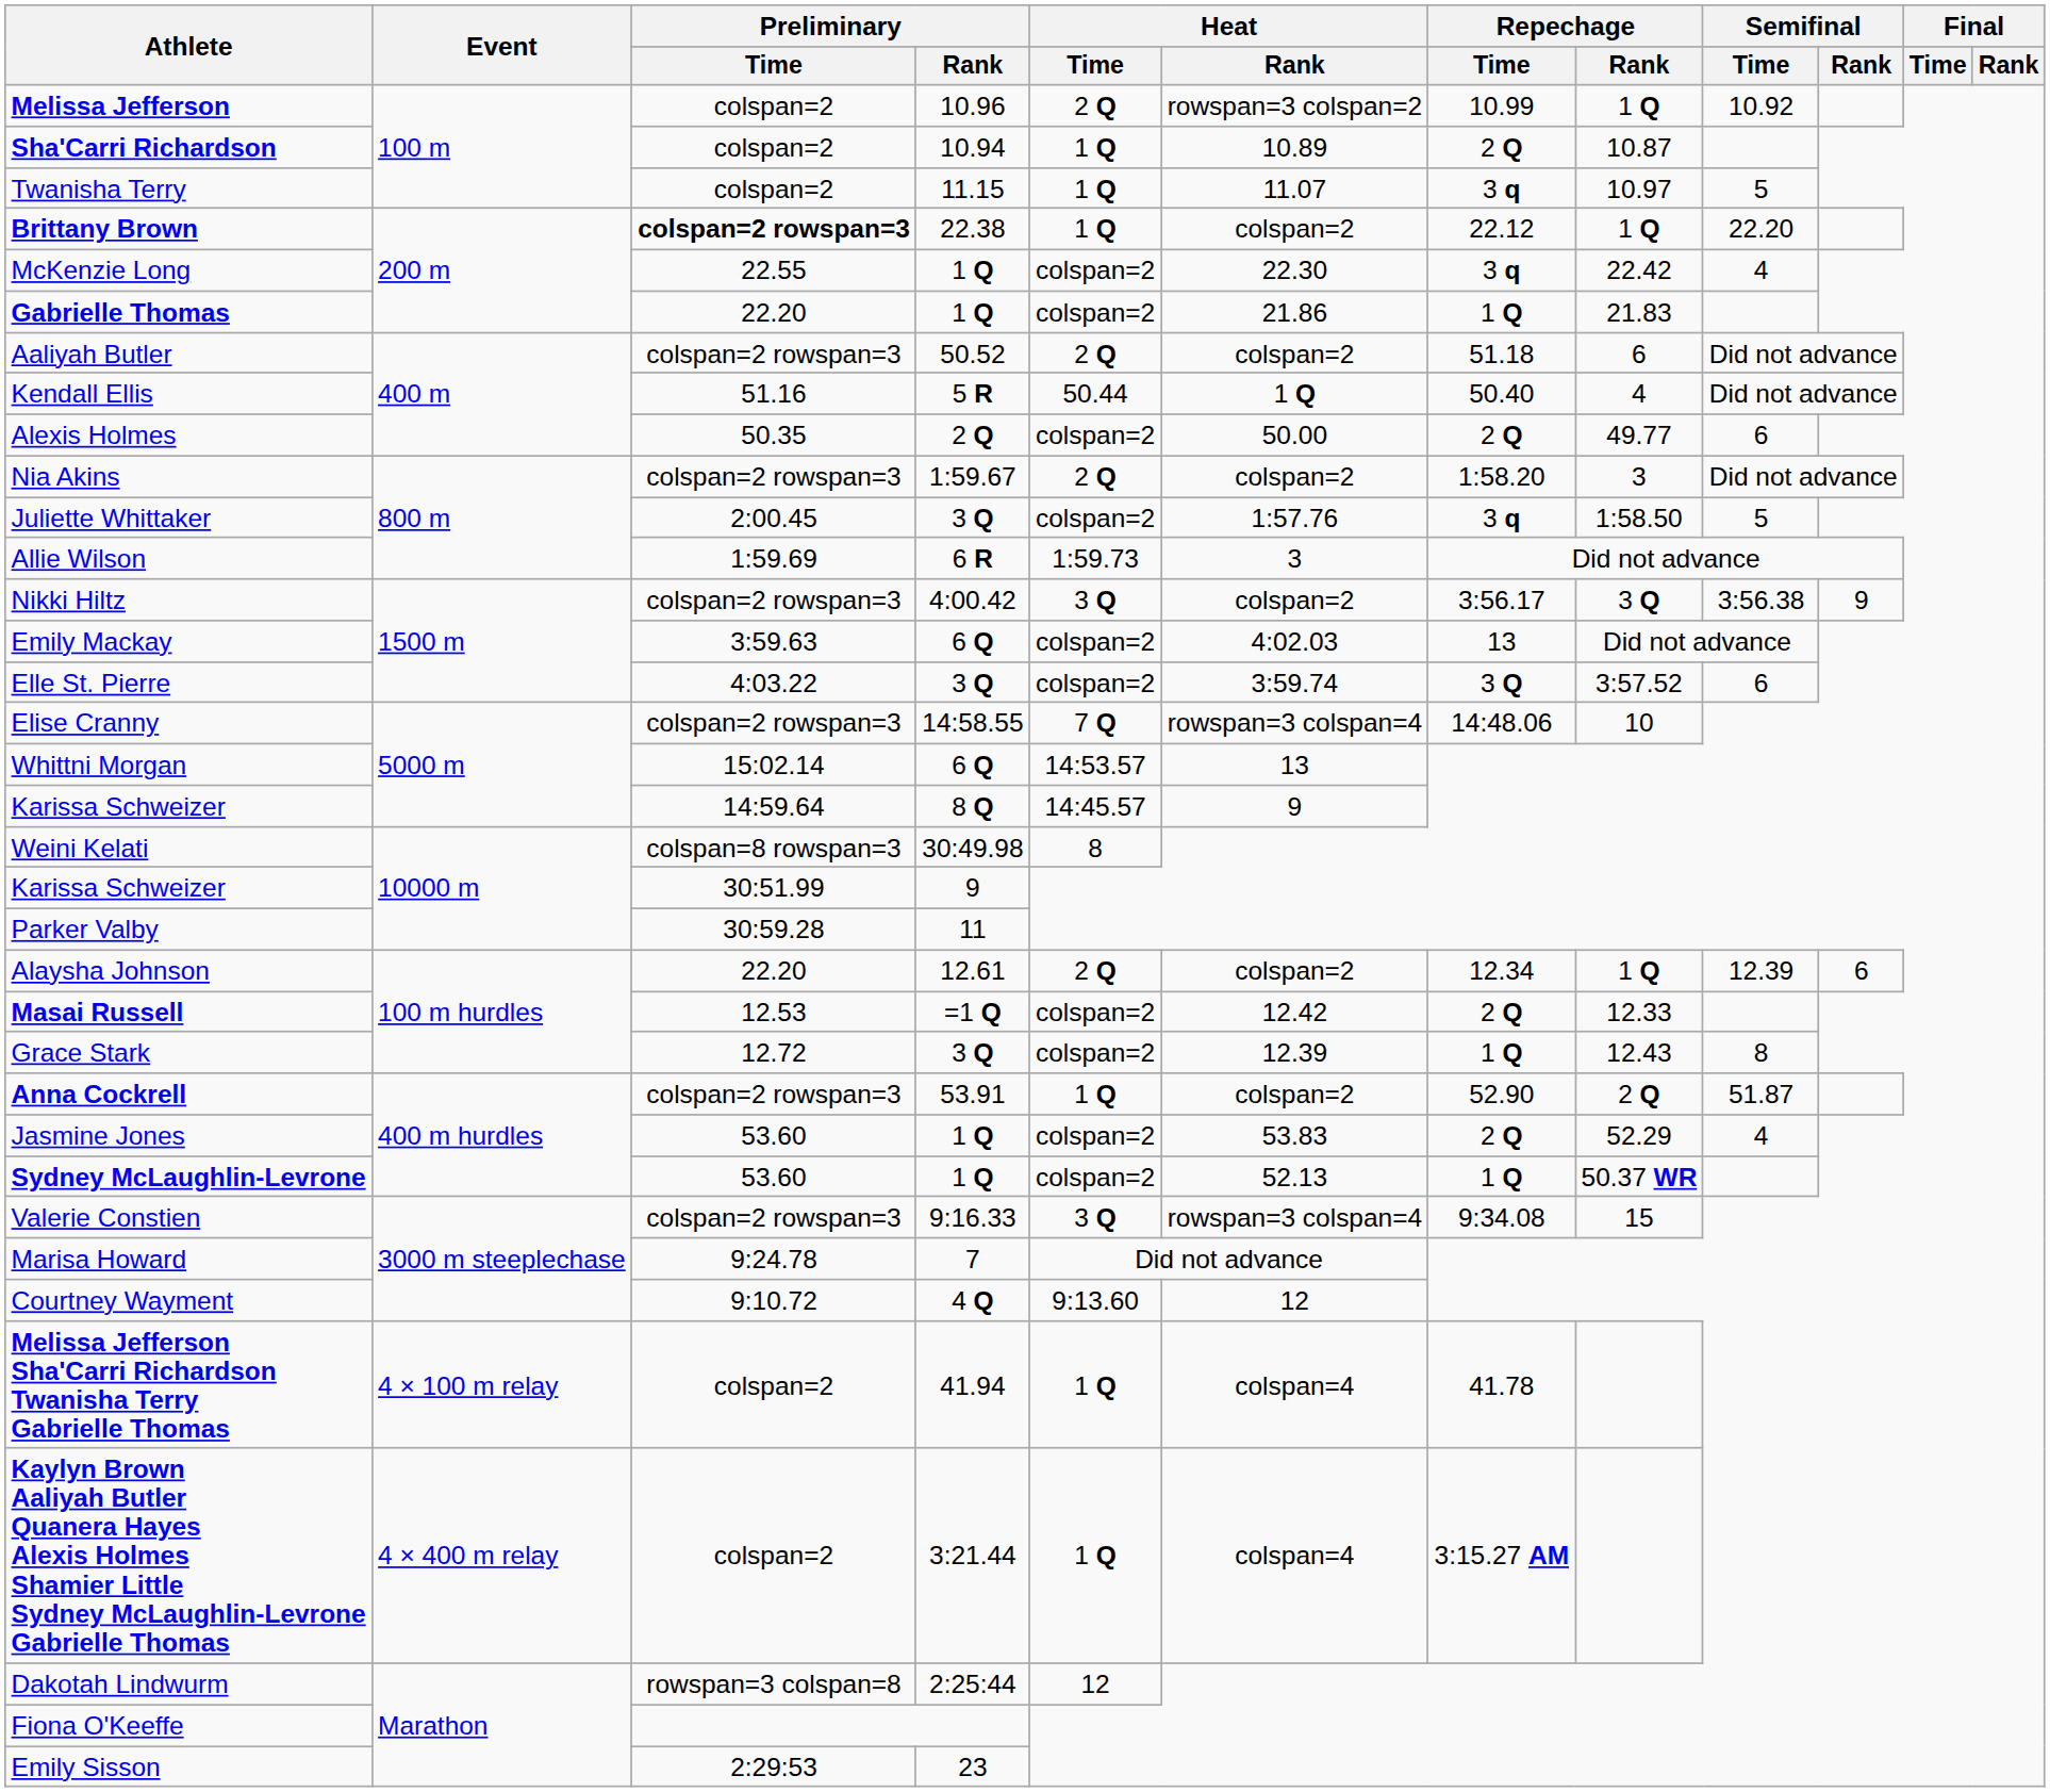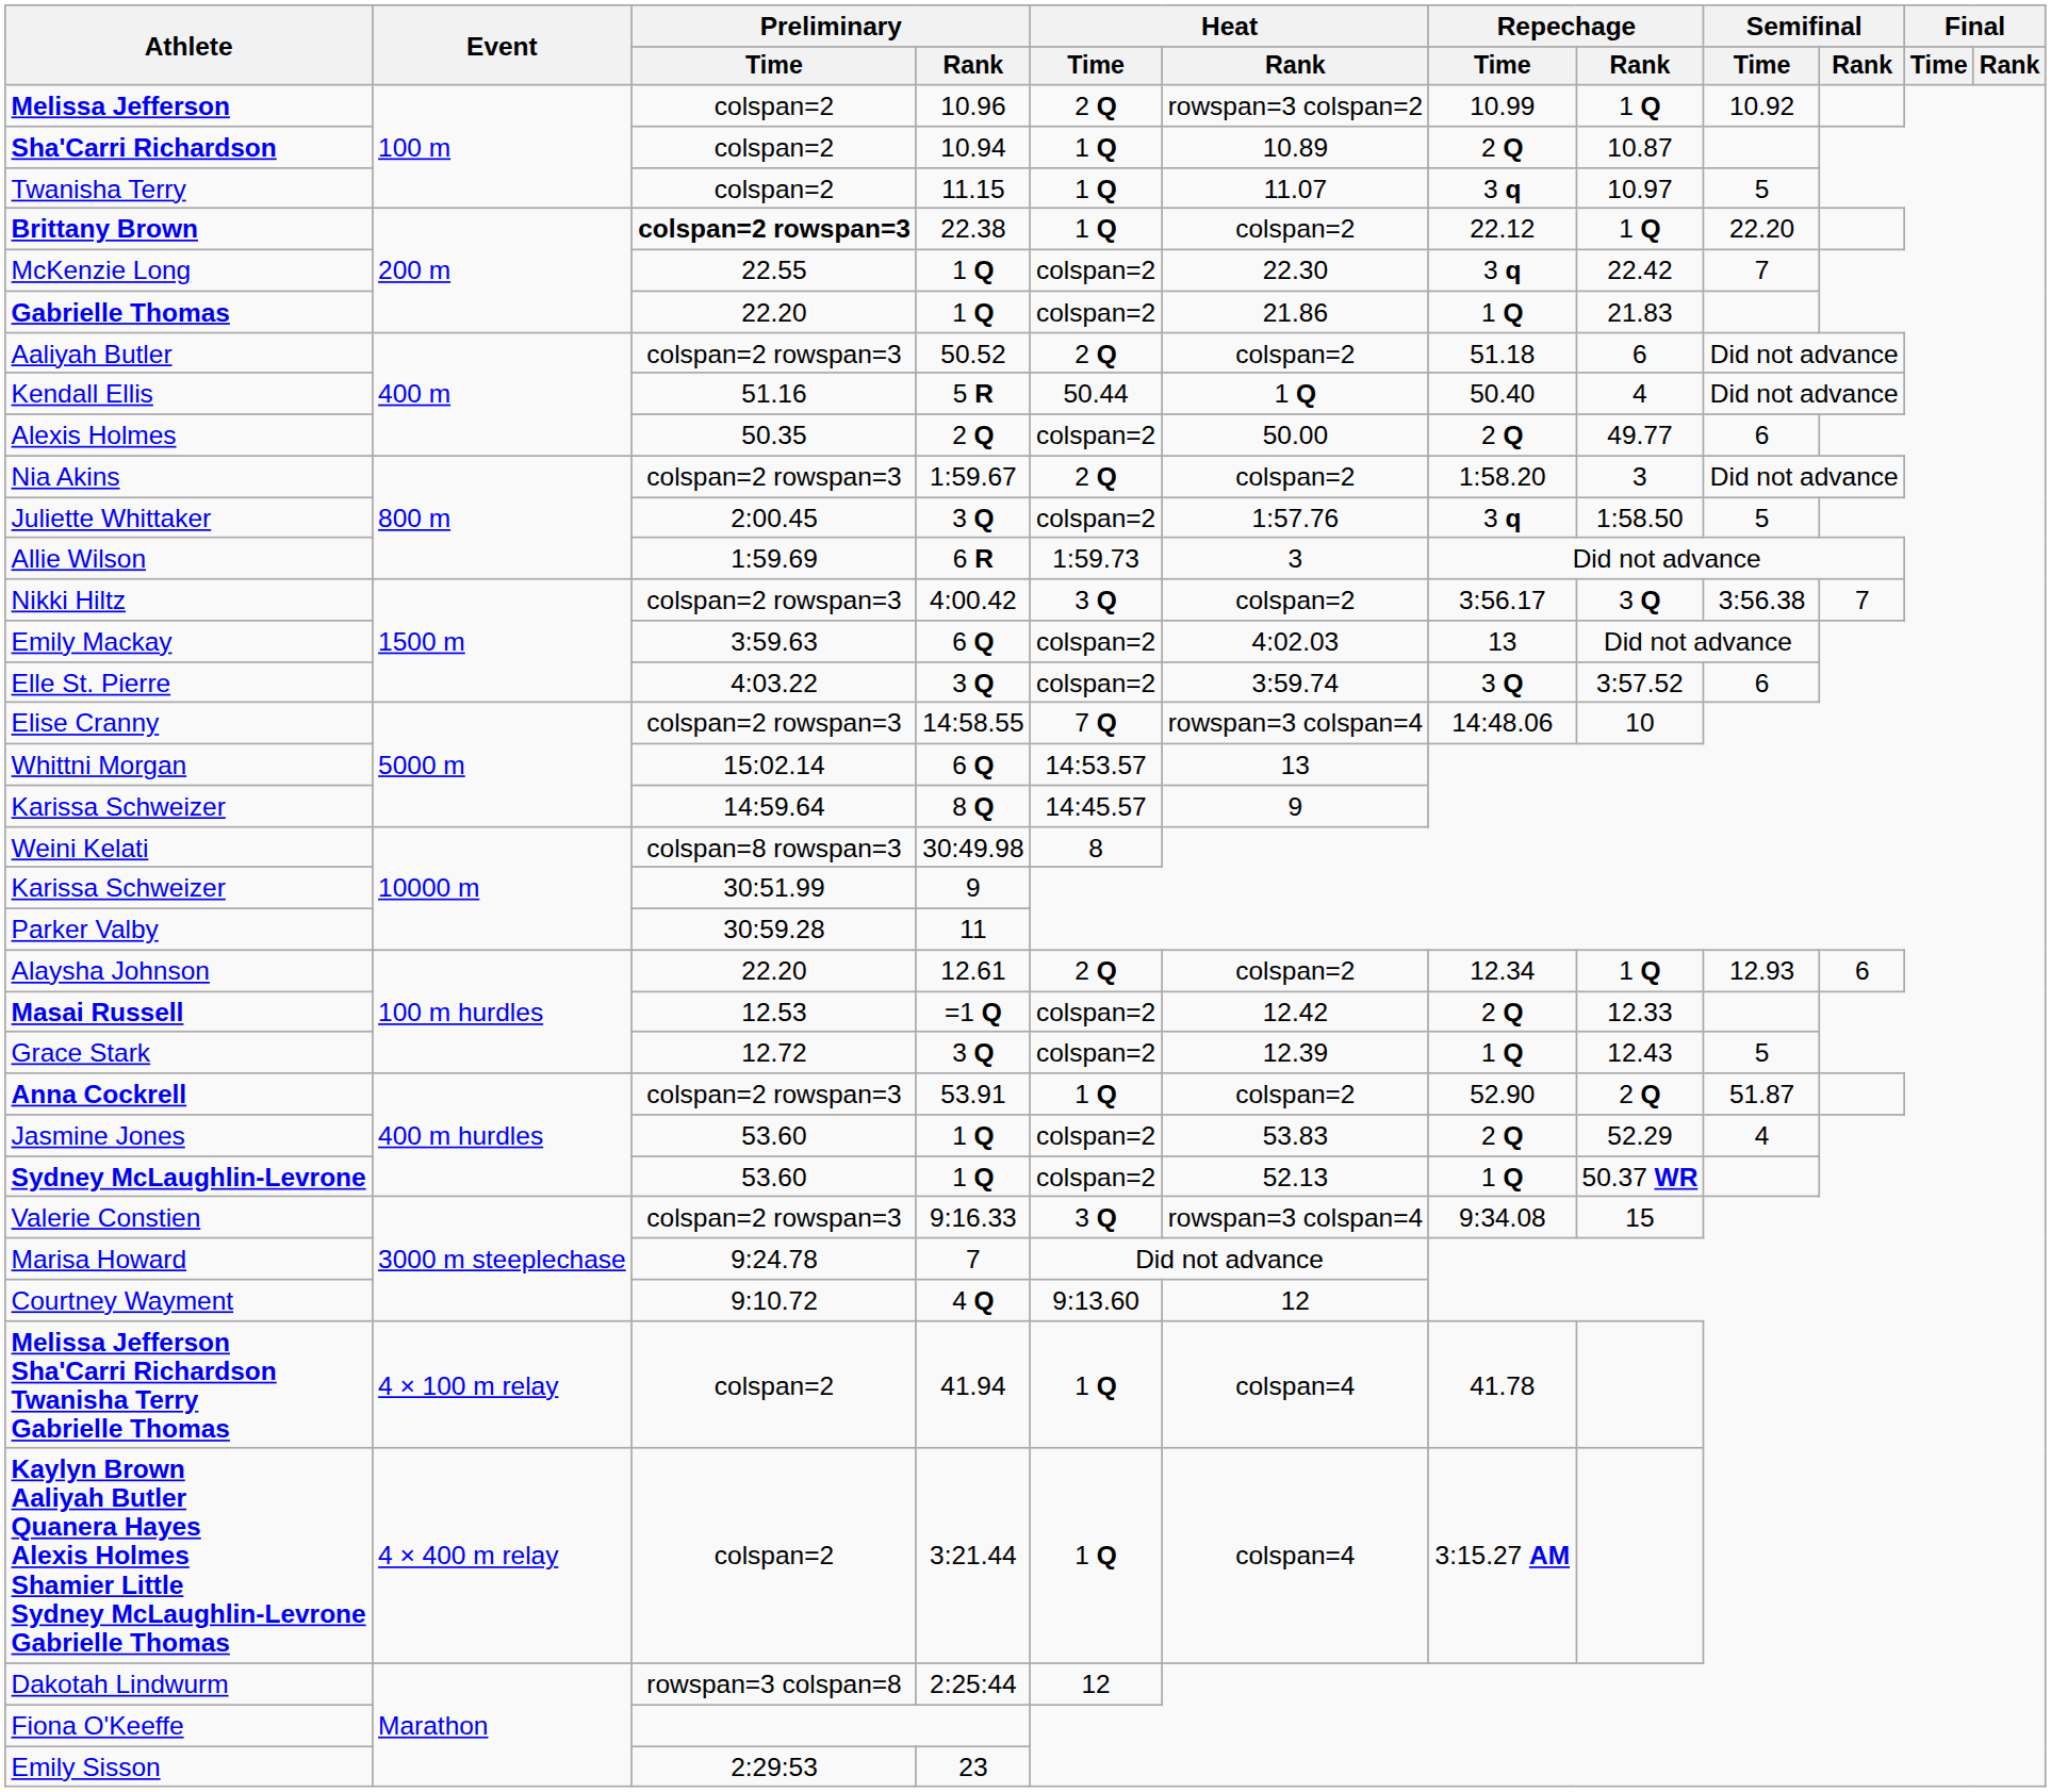 <table class=wikitable style=font-size:90%;text-align:center>
 <tr>
 <th rowspan=2>Athlete</th>
 <th rowspan=2>Event</th>
 <th colspan=2>Preliminary</th>
 <th colspan=2>Heat</th>
 <th colspan=2>Repechage</th>
 <th colspan=2>Semifinal</th>
 <th colspan=2>Final</th>
 </tr>
 <tr style=font-size:95%>
 <th>Time</th>
 <th>Rank</th>
 <th>Time</th>
 <th>Rank</th>
 <th>Time</th>
 <th>Rank</th>
 <th>Time</th>
 <th>Rank</th>
 <th>Time</th>
 <th>Rank</th>
 </tr>
 <tr>
 <td align=left><strong><a href='#'>Melissa Jefferson</a></strong></td>
 <td align=left rowspan=3><a href='#'>100 m</a></td>
 <td>colspan=2 </td>
 <td>10.96</td>
 <td>2 <strong>Q</strong></td>
 <td>rowspan=3 colspan=2 </td>
 <td>10.99</td>
 <td>1 <strong>Q</strong></td>
 <td>10.92</td>
 <td></td>
 </tr>
 <tr>
 <td align=left><strong><a href='#'>Sha'Carri Richardson</a></strong></td>
 <td>colspan=2 </td>
 <td>10.94</td>
 <td>1 <strong>Q</strong></td>
 <td>10.89</td>
 <td>2 <strong>Q</strong></td>
 <td>10.87</td>
 <td></td>
 </tr>
 <tr>
 <td align=left><a href='#'>Twanisha Terry</a></td>
 <td>colspan=2 </td>
 <td>11.15</td>
 <td>1 <strong>Q</strong></td>
 <td>11.07</td>
 <td>3 <strong>q</strong></td>
 <td>10.97</td>
 <td>5</td>
 </tr>
 <tr>
 <td align=left><strong><a href='#'>Brittany Brown</a></strong></td>
 <td align=left rowspan=3><a href='#'>200 m</a></td>
 <td><strong>colspan=2 rowspan=3 </strong></td>
 <td>22.38</td>
 <td>1 <strong>Q</strong></td>
 <td>colspan=2 </td>
 <td>22.12</td>
 <td>1 <strong>Q</strong></td>
 <td>22.20</td>
 <td></td>
 </tr>
 <tr>
 <td align=left><a href='#'>McKenzie Long</a></td>
 <td>22.55</td>
 <td>1 <strong>Q</strong></td>
 <td>colspan=2 </td>
 <td>22.30</td>
 <td>3 <strong>q</strong></td>
 <td>22.42</td>
-<td>4</td>
+<td>7</td>
 </tr>
 <tr>
 <td align=left><strong><a href='#'>Gabrielle Thomas</a></strong></td>
 <td>22.20</td>
 <td>1 <strong>Q</strong></td>
 <td>colspan=2 </td>
 <td>21.86</td>
 <td>1 <strong>Q</strong></td>
 <td>21.83</td>
 <td></td>
 </tr>
 <tr>
 <td align=left><a href='#'>Aaliyah Butler</a></td>
 <td align=left rowspan=3><a href='#'>400 m</a></td>
 <td>colspan=2 rowspan=3 </td>
 <td>50.52</td>
 <td>2 <strong>Q</strong></td>
 <td>colspan=2 </td>
 <td>51.18</td>
 <td>6</td>
 <td colspan=2>Did not advance</td>
 </tr>
 <tr>
 <td align=left><a href='#'>Kendall Ellis</a></td>
 <td>51.16</td>
 <td>5 <strong>R</strong></td>
 <td>50.44</td>
 <td>1 <strong>Q</strong></td>
 <td>50.40</td>
 <td>4</td>
 <td colspan=2>Did not advance</td>
 </tr>
 <tr>
 <td align=left><a href='#'>Alexis Holmes</a></td>
 <td>50.35</td>
 <td>2 <strong>Q</strong></td>
 <td>colspan=2 </td>
 <td>50.00</td>
 <td>2 <strong>Q</strong></td>
 <td>49.77</td>
 <td>6</td>
 </tr>
 <tr>
 <td align=left><a href='#'>Nia Akins</a></td>
 <td align=left rowspan=3><a href='#'>800 m</a></td>
 <td>colspan=2 rowspan=3 </td>
 <td>1:59.67</td>
 <td>2 <strong>Q</strong></td>
 <td>colspan=2 </td>
 <td>1:58.20</td>
 <td>3</td>
 <td colspan=2>Did not advance</td>
 </tr>
 <tr>
 <td align=left><a href='#'>Juliette Whittaker</a></td>
 <td>2:00.45</td>
 <td>3 <strong>Q</strong></td>
 <td>colspan=2 </td>
 <td>1:57.76</td>
 <td>3 <strong>q</strong></td>
 <td>1:58.50</td>
 <td>5</td>
 </tr>
 <tr>
 <td align=left><a href='#'>Allie Wilson</a></td>
 <td>1:59.69</td>
 <td>6 <strong>R</strong></td>
 <td>1:59.73</td>
 <td>3</td>
 <td colspan=4>Did not advance</td>
 </tr>
 <tr>
 <td align=left><a href='#'>Nikki Hiltz</a></td>
 <td align=left rowspan=3><a href='#'>1500 m</a></td>
 <td>colspan=2 rowspan=3 </td>
 <td>4:00.42</td>
 <td>3 <strong>Q</strong></td>
 <td>colspan=2 </td>
 <td>3:56.17</td>
 <td>3 <strong>Q</strong></td>
 <td>3:56.38</td>
-<td>9</td>
+<td>7</td>
 </tr>
 <tr>
 <td align=left><a href='#'>Emily Mackay</a></td>
 <td>3:59.63</td>
 <td>6 <strong>Q</strong></td>
 <td>colspan=2 </td>
 <td>4:02.03</td>
 <td>13</td>
 <td colspan=2>Did not advance</td>
 </tr>
 <tr>
 <td align=left><a href='#'>Elle St. Pierre</a></td>
 <td>4:03.22</td>
 <td>3 <strong>Q</strong></td>
 <td>colspan=2 </td>
 <td>3:59.74</td>
 <td>3 <strong>Q</strong></td>
 <td>3:57.52</td>
 <td>6</td>
 </tr>
 <tr>
 <td align=left><a href='#'>Elise Cranny</a></td>
 <td align=left rowspan=3><a href='#'>5000 m</a></td>
 <td>colspan=2 rowspan=3 </td>
 <td>14:58.55</td>
 <td>7 <strong>Q</strong></td>
 <td>rowspan=3 colspan=4 </td>
 <td>14:48.06</td>
 <td>10</td>
 </tr>
 <tr>
 <td align=left><a href='#'>Whittni Morgan</a></td>
 <td>15:02.14</td>
 <td>6 <strong>Q</strong></td>
 <td>14:53.57</td>
 <td>13</td>
 </tr>
 <tr>
 <td align=left><a href='#'>Karissa Schweizer</a></td>
 <td>14:59.64</td>
 <td>8 <strong>Q</strong></td>
 <td>14:45.57</td>
 <td>9</td>
 </tr>
 <tr>
 <td align=left><a href='#'>Weini Kelati</a></td>
 <td align=left rowspan=3><a href='#'>10000 m</a></td>
 <td>colspan=8 rowspan=3 </td>
 <td>30:49.98</td>
 <td>8</td>
 </tr>
 <tr>
 <td align=left><a href='#'>Karissa Schweizer</a></td>
 <td>30:51.99</td>
 <td>9</td>
 </tr>
 <tr>
 <td align=left><a href='#'>Parker Valby</a></td>
 <td>30:59.28</td>
 <td>11</td>
 </tr>
 <tr>
 <td align=left><a href='#'>Alaysha Johnson</a></td>
 <td align=left rowspan=3><a href='#'>100 m hurdles</a></td>
 <td>22.20</td>
 <td>12.61</td>
 <td>2 <strong>Q</strong></td>
 <td>colspan=2 </td>
 <td>12.34</td>
 <td>1 <strong>Q</strong></td>
-<td>12.39</td>
+<td>12.93</td>
 <td>6</td>
 </tr>
 <tr>
 <td align=left><strong><a href='#'>Masai Russell</a></strong></td>
 <td>12.53</td>
 <td>=1 <strong>Q</strong></td>
 <td>colspan=2 </td>
 <td>12.42</td>
 <td>2 <strong>Q</strong></td>
 <td>12.33</td>
 <td></td>
 </tr>
 <tr>
 <td align=left><a href='#'>Grace Stark</a></td>
 <td>12.72</td>
 <td>3 <strong>Q</strong></td>
 <td>colspan=2 </td>
 <td>12.39</td>
 <td>1 <strong>Q</strong></td>
 <td>12.43</td>
-<td>8</td>
+<td>5</td>
 </tr>
 <tr>
 <td align=left><strong><a href='#'>Anna Cockrell</a></strong></td>
 <td align=left rowspan=3><a href='#'>400 m hurdles</a></td>
 <td>colspan=2 rowspan=3 </td>
 <td>53.91</td>
 <td>1 <strong>Q</strong></td>
 <td>colspan=2 </td>
 <td>52.90</td>
 <td>2 <strong>Q</strong></td>
 <td>51.87</td>
 <td></td>
 </tr>
 <tr>
 <td align=left><a href='#'>Jasmine Jones</a></td>
 <td>53.60</td>
 <td>1 <strong>Q</strong></td>
 <td>colspan=2 </td>
 <td>53.83</td>
 <td>2 <strong>Q</strong></td>
 <td>52.29</td>
 <td>4</td>
 </tr>
 <tr>
 <td align=left><strong><a href='#'>Sydney McLaughlin-Levrone</a></strong></td>
 <td>53.60</td>
 <td>1 <strong>Q</strong></td>
 <td>colspan=2 </td>
 <td>52.13</td>
 <td>1 <strong>Q</strong></td>
 <td>50.37 <strong><a href='#'>WR</a></strong></td>
 <td></td>
 </tr>
 <tr>
 <td align=left><a href='#'>Valerie Constien</a></td>
 <td align=left rowspan=3><a href='#'>3000 m steeplechase</a></td>
 <td>colspan=2 rowspan=3 </td>
 <td>9:16.33</td>
 <td>3 <strong>Q</strong></td>
 <td>rowspan=3 colspan=4 </td>
 <td>9:34.08</td>
 <td>15</td>
 </tr>
 <tr>
 <td align=left><a href='#'>Marisa Howard</a></td>
 <td>9:24.78</td>
 <td>7</td>
 <td colspan=2>Did not advance</td>
 </tr>
 <tr>
 <td align=left><a href='#'>Courtney Wayment</a></td>
 <td>9:10.72</td>
 <td>4 <strong>Q</strong></td>
 <td>9:13.60</td>
 <td>12</td>
 </tr>
 <tr>
 <td align=left><strong><a href='#'>Melissa Jefferson</a><br><a href='#'>Sha'Carri Richardson</a><br><a href='#'>Twanisha Terry</a><br><a href='#'>Gabrielle Thomas</a></strong></td>
 <td align=left><a href='#'>4 × 100 m relay</a></td>
 <td>colspan=2 </td>
 <td>41.94</td>
 <td>1 <strong>Q</strong></td>
 <td>colspan=4 </td>
 <td>41.78</td>
 <td></td>
 </tr>
 <tr>
 <td align=left><strong><a href='#'>Kaylyn Brown</a></strong><strong><br><a href='#'>Aaliyah Butler</a></strong><strong><br><a href='#'>Quanera Hayes</a></strong><strong><br><a href='#'>Alexis Holmes</a><br><a href='#'>Shamier Little</a><br><a href='#'>Sydney McLaughlin-Levrone</a><br><a href='#'>Gabrielle Thomas</a></strong></td>
 <td align=left><a href='#'>4 × 400 m relay</a></td>
 <td>colspan=2 </td>
 <td>3:21.44</td>
 <td>1 <strong>Q</strong></td>
 <td>colspan=4 </td>
 <td>3:15.27 <strong><a href='#'>AM</a></strong></td>
 <td></td>
 </tr>
 <tr>
 <td align=left><a href='#'>Dakotah Lindwurm</a></td>
 <td align=left rowspan=3><a href='#'>Marathon</a></td>
 <td>rowspan=3 colspan=8 </td>
 <td>2:25:44</td>
 <td>12</td>
 </tr>
 <tr>
 <td align=left><a href='#'>Fiona O'Keeffe</a></td>
 <td colspan=2></td>
 </tr>
 <tr>
 <td align=left><a href='#'>Emily Sisson</a></td>
 <td>2:29:53</td>
 <td>23</td>
 </tr>
 </table>
